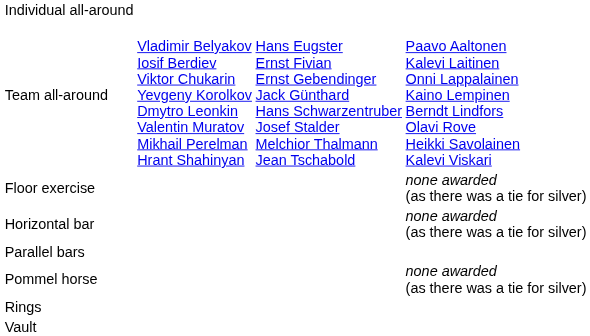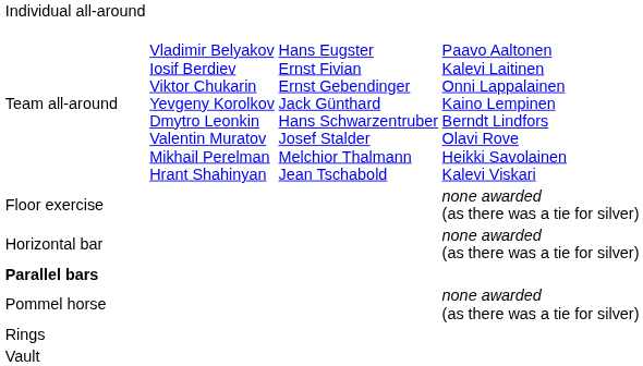 <table>
 <tr>
 <td>Individual all-around<br></td>
 <td></td>
 <td></td>
 <td></td>
 </tr>
 <tr>
 <td>Team all-around<br></td>
 <td><br><a href='#'>Vladimir Belyakov</a><br><a href='#'>Iosif Berdiev</a><br><a href='#'>Viktor Chukarin</a> <br><a href='#'>Yevgeny Korolkov</a><br><a href='#'>Dmytro Leonkin</a><br><a href='#'>Valentin Muratov</a><br><a href='#'>Mikhail Perelman</a><br><a href='#'>Hrant Shahinyan</a></td>
 <td><br><a href='#'>Hans Eugster</a><br><a href='#'>Ernst Fivian</a><br><a href='#'>Ernst Gebendinger</a><br><a href='#'>Jack Günthard</a><br><a href='#'>Hans Schwarzentruber</a><br><a href='#'>Josef Stalder</a><br><a href='#'>Melchior Thalmann</a><br><a href='#'>Jean Tschabold</a></td>
 <td><br><a href='#'>Paavo Aaltonen</a><br><a href='#'>Kalevi Laitinen</a><br><a href='#'>Onni Lappalainen</a> <br><a href='#'>Kaino Lempinen</a><br><a href='#'>Berndt Lindfors</a><br><a href='#'>Olavi Rove</a><br><a href='#'>Heikki Savolainen</a><br><a href='#'>Kalevi Viskari</a></td>
 </tr>
 <tr>
 <td rowspan=2>Floor exercise<br></td>
 <td rowspan=2></td>
 <td></td>
 <td rowspan=2><em>none awarded</em><br>(as there was a tie for silver)</td>
 </tr>
 <tr>
 <td></td>
 </tr>
 <tr v>
 <td rowspan=2>Horizontal bar<br></td>
 <td rowspan=2></td>
 <td></td>
 <td rowspan=2><em>none awarded</em><br>(as there was a tie for silver)</td>
 </tr>
 <tr>
 <td></td>
 </tr>
 <tr>
-<td>Parallel bars<br></td>
+<td><strong>Parallel bars<br></strong></td>
 <td></td>
 <td></td>
 <td></td>
 </tr>
 <tr>
 <td rowspan=2>Pommel horse<br></td>
 <td rowspan=2></td>
 <td></td>
 <td rowspan=2><em>none awarded</em><br>(as there was a tie for silver)</td>
 </tr>
 <tr>
 <td></td>
 </tr>
 <tr>
 <td rowspan=2>Rings<br></td>
 <td rowspan=2></td>
 <td rowspan=2></td>
 <td></td>
 </tr>
 <tr>
 <td></td>
 </tr>
 <tr>
 <td rowspan=2>Vault<br></td>
 <td rowspan=2></td>
 <td rowspan=2></td>
 <td></td>
 </tr>
 <tr>
 <td></td>
 </tr>
 </table>
